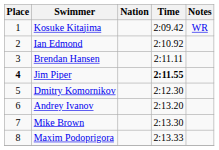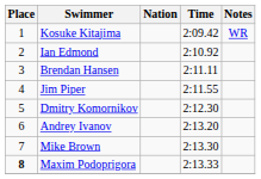 <table class="wikitable sortable" style="text-align:center">
 <tr>
 <th>Place</th>
 <th>Swimmer</th>
 <th>Nation</th>
 <th>Time</th>
 <th>Notes</th>
 </tr>
 <tr>
 <td>1</td>
 <td align=left><a href='#'>Kosuke Kitajima</a></td>
 <td align=left></td>
 <td>2:09.42</td>
 <td><a href='#'>WR</a></td>
 </tr>
 <tr>
 <td>2</td>
 <td align=left><a href='#'>Ian Edmond</a></td>
 <td align=left></td>
 <td>2:10.92</td>
 <td></td>
 </tr>
 <tr>
 <td>3</td>
 <td align=left><a href='#'>Brendan Hansen</a></td>
 <td align=left></td>
 <td>2:11.11</td>
 <td></td>
 </tr>
 <tr>
-<td><strong>4</strong></td>
+<td>4</td>
 <td align=left><a href='#'>Jim Piper</a></td>
 <td align=left></td>
-<td><strong>2:11.55</strong></td>
+<td>2:11.55</td>
 <td></td>
 </tr>
 <tr>
 <td>5</td>
 <td align=left><a href='#'>Dmitry Komornikov</a></td>
 <td align=left></td>
 <td>2:12.30</td>
 <td></td>
 </tr>
 <tr>
 <td>6</td>
 <td align=left><a href='#'>Andrey Ivanov</a></td>
 <td align=left></td>
 <td>2:13.20</td>
 <td></td>
 </tr>
 <tr>
 <td>7</td>
 <td align=left><a href='#'>Mike Brown</a></td>
 <td align=left></td>
 <td>2:13.30</td>
 <td></td>
 </tr>
 <tr>
-<td>8</td>
+<td><strong>8</strong></td>
 <td align=left><a href='#'>Maxim Podoprigora</a></td>
 <td align=left></td>
 <td>2:13.33</td>
 <td></td>
 </tr>
 <tr>
 </tr>
 </table>
